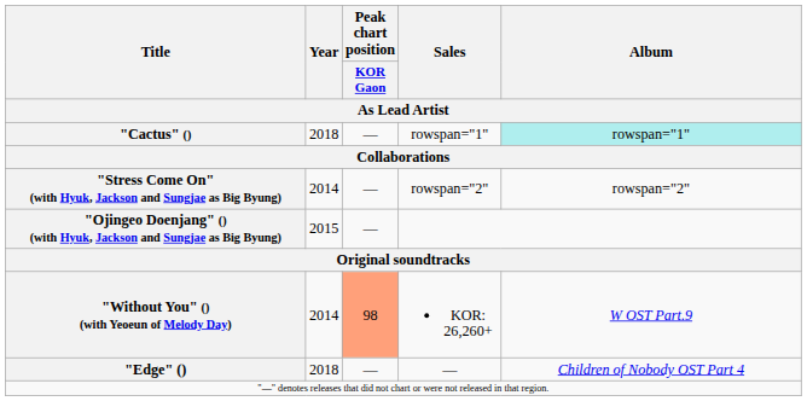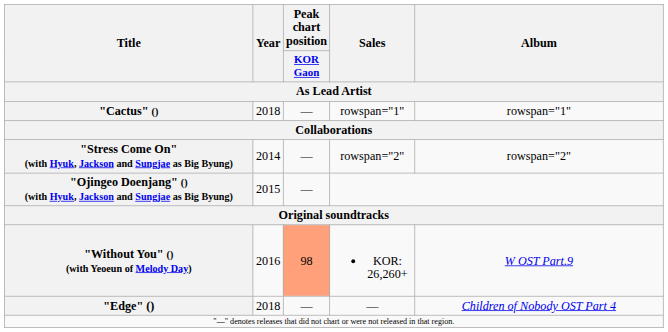 <table class="wikitable plainrowheaders" style="text-align:center">
 <tr>
 <th scope="col" rowspan="2" style="width:20em;">Title</th>
 <th scope="col" rowspan="2">Year</th>
 <th scope="col">Peak chart position</th>
 <th scope="col" rowspan="2">Sales</th>
 <th scope="col" rowspan="2" style="width:20em;">Album</th>
 </tr>
 <tr>
 <th style="width:3em;font-size:90%"><a href='#'>KOR<br>Gaon</a><br></th>
 </tr>
 <tr>
 <th colspan="5">As Lead Artist</th>
 </tr>
 <tr>
 <th scope="row">"Cactus" <small>()</small></th>
 <td>2018</td>
 <td>—</td>
 <td>rowspan="1" </td>
-<td style="background: paleturquoise;">rowspan="1" </td>
+<td>rowspan="1" </td>
 </tr>
 <tr>
 <th colspan="5">Collaborations</th>
 </tr>
 <tr>
 <th scope="row">"Stress Come On"<br><small>(with <a href='#'>Hyuk</a>, <a href='#'>Jackson</a> and <a href='#'>Sungjae</a> as Big Byung)</small></th>
 <td>2014</td>
 <td>—</td>
 <td>rowspan="2" </td>
 <td>rowspan="2" </td>
 </tr>
 <tr>
 <th scope="row">"Ojingeo Doenjang" <small>()</small><br><small>(with <a href='#'>Hyuk</a>, <a href='#'>Jackson</a> and <a href='#'>Sungjae</a> as Big Byung)</small></th>
 <td>2015</td>
 <td>—</td>
 </tr>
 <tr>
 <th colspan="5">Original soundtracks</th>
 </tr>
 <tr>
 <th scope="row">"Without You" <small>()</small><br><small>(with Yeoeun of <a href='#'>Melody Day</a>)</small></th>
-<td>2014</td>
+<td>2016</td>
 <td style="background: lightsalmon;">98</td>
 <td><br><ul><li>KOR: 26,260+</li></ul></td>
 <td><em><a href='#'>W OST Part.9</a></em></td>
 </tr>
 <tr>
 <th scope="row">"Edge" ()</th>
 <td>2018</td>
 <td>—</td>
 <td>—</td>
 <td><em> <a href='#'>Children of Nobody OST Part 4</a></em></td>
 </tr>
 <tr>
 <td align="center" colspan="6" style="font-size:8pt">"—" denotes releases that did not chart or were not released in that region.</td>
 </tr>
 </table>
